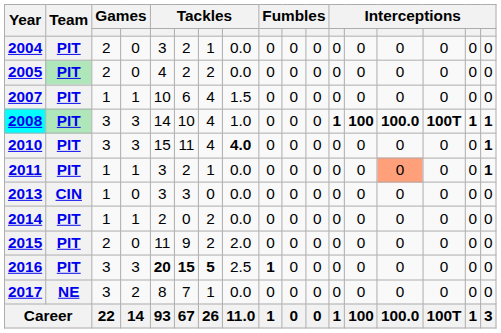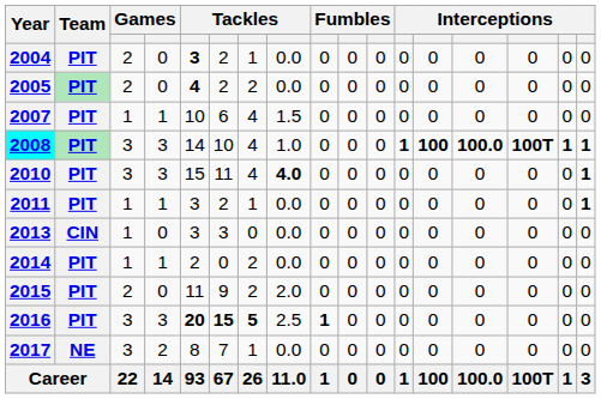 <table class="wikitable" style="text-align:center;">
 <tr>
 <th rowspan="2">Year</th>
 <th rowspan="2">Team</th>
 <th colspan="2">Games</th>
 <th colspan="4">Tackles</th>
 <th colspan="3">Fumbles</th>
 <th colspan="6">Interceptions</th>
 </tr>
 <tr>
 <th></th>
 <th></th>
 <th></th>
 <th></th>
 <th></th>
 <th></th>
 <th></th>
 <th></th>
 <th></th>
 <th></th>
 <th></th>
 <th></th>
 <th></th>
 <th></th>
 <th></th>
 </tr>
 <tr>
 <th><a href='#'>2004</a></th>
 <th><a href='#'>PIT</a></th>
 <td>2</td>
 <td>0</td>
-<td>3</td>
+<td><strong>3</strong></td>
 <td>2</td>
 <td>1</td>
 <td>0.0</td>
 <td>0</td>
 <td>0</td>
 <td>0</td>
 <td>0</td>
 <td>0</td>
 <td>0</td>
 <td>0</td>
 <td>0</td>
 <td>0</td>
 </tr>
 <tr>
 <th><a href='#'>2005</a></th>
 <th style="background:#afe6ba"><a href='#'>PIT</a></th>
 <td>2</td>
 <td>0</td>
-<td>4</td>
+<td><strong>4</strong></td>
 <td>2</td>
 <td>2</td>
 <td>0.0</td>
 <td>0</td>
 <td>0</td>
 <td>0</td>
 <td>0</td>
 <td>0</td>
 <td>0</td>
 <td>0</td>
 <td>0</td>
 <td>0</td>
 </tr>
 <tr>
 <th><a href='#'>2007</a></th>
 <th><a href='#'>PIT</a></th>
 <td>1</td>
 <td>1</td>
 <td>10</td>
 <td>6</td>
 <td>4</td>
 <td>1.5</td>
 <td>0</td>
 <td>0</td>
 <td>0</td>
 <td>0</td>
 <td>0</td>
 <td>0</td>
 <td>0</td>
 <td>0</td>
 <td>0</td>
 </tr>
 <tr>
 <th style="background:#00FFFF;"><a href='#'>2008</a></th>
 <th style="background:#afe6ba"><a href='#'>PIT</a></th>
 <td>3</td>
 <td>3</td>
 <td>14</td>
 <td>10</td>
 <td>4</td>
 <td>1.0</td>
 <td>0</td>
 <td>0</td>
 <td>0</td>
 <td><strong>1</strong></td>
 <td><strong>100</strong></td>
 <td><strong>100.0</strong></td>
 <td><strong>100T</strong></td>
 <td><strong>1</strong></td>
 <td><strong>1</strong></td>
 </tr>
 <tr>
 <th><a href='#'>2010</a></th>
 <th><a href='#'>PIT</a></th>
 <td>3</td>
 <td>3</td>
 <td>15</td>
 <td>11</td>
 <td>4</td>
 <td><strong>4.0</strong></td>
 <td>0</td>
 <td>0</td>
 <td>0</td>
 <td>0</td>
 <td>0</td>
 <td>0</td>
 <td>0</td>
 <td>0</td>
 <td><strong>1</strong></td>
 </tr>
 <tr>
 <th><a href='#'>2011</a></th>
 <th><a href='#'>PIT</a></th>
 <td>1</td>
 <td>1</td>
 <td>3</td>
 <td>2</td>
 <td>1</td>
 <td>0.0</td>
 <td>0</td>
 <td>0</td>
 <td>0</td>
 <td>0</td>
 <td>0</td>
-<td style="background: lightsalmon;">0</td>
+<td>0</td>
 <td>0</td>
 <td>0</td>
 <td><strong>1</strong></td>
 </tr>
 <tr>
 <th><a href='#'>2013</a></th>
 <th><a href='#'>CIN</a></th>
 <td>1</td>
 <td>0</td>
 <td>3</td>
 <td>3</td>
 <td>0</td>
 <td>0.0</td>
 <td>0</td>
 <td>0</td>
 <td>0</td>
 <td>0</td>
 <td>0</td>
 <td>0</td>
 <td>0</td>
 <td>0</td>
 <td>0</td>
 </tr>
 <tr>
 <th><a href='#'>2014</a></th>
 <th><a href='#'>PIT</a></th>
 <td>1</td>
 <td>1</td>
 <td>2</td>
 <td>0</td>
 <td>2</td>
 <td>0.0</td>
 <td>0</td>
 <td>0</td>
 <td>0</td>
 <td>0</td>
 <td>0</td>
 <td>0</td>
 <td>0</td>
 <td>0</td>
 <td>0</td>
 </tr>
 <tr>
 <th><a href='#'>2015</a></th>
 <th><a href='#'>PIT</a></th>
 <td>2</td>
 <td>0</td>
 <td>11</td>
 <td>9</td>
 <td>2</td>
 <td>2.0</td>
 <td>0</td>
 <td>0</td>
 <td>0</td>
 <td>0</td>
 <td>0</td>
 <td>0</td>
 <td>0</td>
 <td>0</td>
 <td>0</td>
 </tr>
 <tr>
 <th><a href='#'>2016</a></th>
 <th><a href='#'>PIT</a></th>
 <td>3</td>
 <td>3</td>
 <td><strong>20</strong></td>
 <td><strong>15</strong></td>
 <td><strong>5</strong></td>
 <td>2.5</td>
 <td><strong>1</strong></td>
 <td>0</td>
 <td>0</td>
 <td>0</td>
 <td>0</td>
 <td>0</td>
 <td>0</td>
 <td>0</td>
 <td>0</td>
 </tr>
 <tr>
 <th><a href='#'>2017</a></th>
 <th><a href='#'>NE</a></th>
 <td>3</td>
 <td>2</td>
 <td>8</td>
 <td>7</td>
 <td>1</td>
 <td>0.0</td>
 <td>0</td>
 <td>0</td>
 <td>0</td>
 <td>0</td>
 <td>0</td>
 <td>0</td>
 <td>0</td>
 <td>0</td>
 <td>0</td>
 </tr>
 <tr>
 <th colspan="2">Career</th>
 <th>22</th>
 <th>14</th>
 <th>93</th>
 <th>67</th>
 <th>26</th>
 <th>11.0</th>
 <th>1</th>
 <th>0</th>
 <th>0</th>
 <th>1</th>
 <th>100</th>
 <th>100.0</th>
 <th>100T</th>
 <th>1</th>
 <th>3</th>
 </tr>
 </table>
